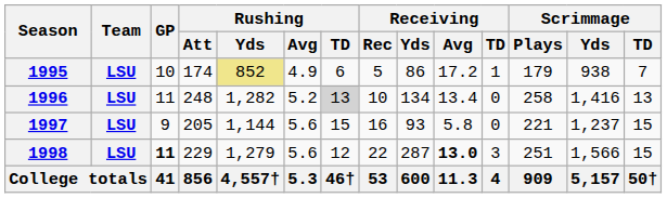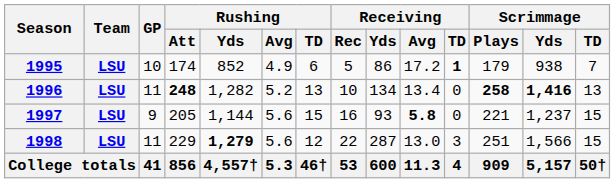 <table class="wikitable" style="text-align:center;">
 <tr>
 <th rowspan="2">Season</th>
 <th rowspan="2">Team</th>
 <th rowspan="2">GP</th>
 <th colspan="4">Rushing</th>
 <th colspan="4">Receiving</th>
 <th colspan="4">Scrimmage</th>
 </tr>
 <tr>
 <th>Att</th>
 <th>Yds</th>
 <th>Avg</th>
 <th>TD</th>
 <th>Rec</th>
 <th>Yds</th>
 <th>Avg</th>
 <th>TD</th>
 <th>Plays</th>
 <th>Yds</th>
 <th>TD</th>
 </tr>
 <tr>
 <th><a href='#'>1995</a></th>
 <th><a href='#'>LSU</a></th>
 <td>10</td>
 <td>174</td>
-<td style="background: khaki;">852</td>
+<td>852</td>
 <td>4.9</td>
 <td>6</td>
 <td>5</td>
 <td>86</td>
 <td>17.2</td>
-<td>1</td>
+<td><strong>1</strong></td>
 <td>179</td>
 <td>938</td>
 <td>7</td>
 </tr>
 <tr>
 <th><a href='#'>1996</a></th>
 <th><a href='#'>LSU</a></th>
 <td>11</td>
-<td>248</td>
+<td><strong>248</strong></td>
 <td>1,282</td>
 <td>5.2</td>
-<td style="background: lightgrey;">13</td>
+<td>13</td>
 <td>10</td>
 <td>134</td>
 <td>13.4</td>
 <td>0</td>
-<td>258</td>
-<td>1,416</td>
+<td><strong>258</strong></td>
+<td><strong>1,416</strong></td>
 <td>13</td>
 </tr>
 <tr>
 <th><a href='#'>1997</a></th>
 <th><a href='#'>LSU</a></th>
 <td>9</td>
 <td>205</td>
 <td>1,144</td>
 <td>5.6</td>
 <td>15</td>
 <td>16</td>
 <td>93</td>
-<td>5.8</td>
+<td><strong>5.8</strong></td>
 <td>0</td>
 <td>221</td>
 <td>1,237</td>
 <td>15</td>
 </tr>
 <tr>
 <th><a href='#'>1998</a></th>
 <th><a href='#'>LSU</a></th>
-<td><strong>11</strong></td>
+<td>11</td>
 <td>229</td>
-<td>1,279</td>
+<td><strong>1,279</strong></td>
 <td>5.6</td>
 <td>12</td>
 <td>22</td>
 <td>287</td>
-<td><strong>13.0</strong></td>
+<td>13.0</td>
 <td>3</td>
 <td>251</td>
 <td>1,566</td>
 <td>15</td>
 </tr>
 <tr>
 <th colspan="2">College totals</th>
 <th>41</th>
 <th>856</th>
 <th>4,557†</th>
 <th>5.3</th>
 <th>46†</th>
 <th>53</th>
 <th>600</th>
 <th>11.3</th>
 <th>4</th>
 <th>909</th>
 <th>5,157</th>
 <th>50†</th>
 </tr>
 </table>
